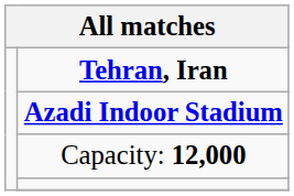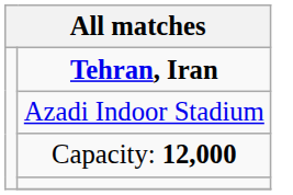 <table class="wikitable" style="text-align:center;">
 <tr>
 <th colspan=2>All matches</th>
 </tr>
 <tr>
 <td rowspan="5"></td>
 <td> <strong><a href='#'>Tehran</a>, Iran</strong></td>
 </tr>
 <tr>
-<td><strong><a href='#'>Azadi Indoor Stadium</a></strong></td>
+<td><a href='#'>Azadi Indoor Stadium</a></td>
 </tr>
 <tr>
 <td>Capacity: <strong>12,000</strong></td>
 </tr>
 <tr>
 <td></td>
 </tr>
 <tr>
 </tr>
 </table>
